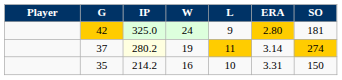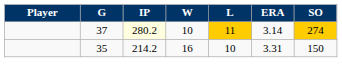 <table class="wikitable sortable">
 <tr>
 <th style="background:#003366;color:white;" width="16%">Player</th>
 <th style="background:#003366;color:white;" width="9%">G</th>
 <th style="background:#003366;color:white;" width="9%">IP</th>
 <th style="background:#003366;color:white;" width="9%">W</th>
 <th style="background:#003366;color:white;" width="9%">L</th>
 <th style="background:#003366;color:white;" width="9%">ERA</th>
 <th style="background:#003366;color:white;" width="9%">SO</th>
 </tr>
 <tr align="center">
 <td></td>
-<td style="background:#fc0;">42</td>
-<td style="background:#DDFFDD;">325.0</td>
-<td style="background:#DDFFDD;">24</td>
-<td>9</td>
-<td style="background:#fc0;">2.80</td>
-<td>181</td>
-</tr>
-<tr align="center">
-<td></td>
 <td>37</td>
 <td style="background: lightyellow;">280.2</td>
-<td>19</td>
+<td>10</td>
 <td style="background:#fc0;">11</td>
 <td>3.14</td>
 <td style="background:#fc0;">274</td>
 </tr>
 <tr align="center">
 <td></td>
 <td>35</td>
 <td>214.2</td>
 <td>16</td>
 <td>10</td>
 <td>3.31</td>
 <td>150</td>
 </tr>
 </table>
